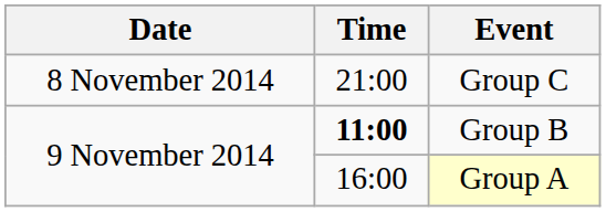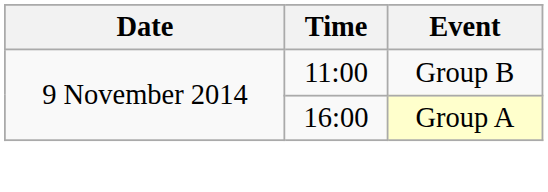 <table class = "wikitable" style="text-align:center;">
 <tr>
 <th width=150>Date</th>
 <th width=50>Time</th>
 <th width=80>Event</th>
 </tr>
 <tr>
-<td>8 November 2014</td>
-<td>21:00</td>
-<td>Group C</td>
-</tr>
-<tr>
 <td rowspan=2>9 November 2014</td>
-<td><strong>11:00</strong></td>
+<td>11:00</td>
 <td>Group B</td>
 </tr>
 <tr>
 <td>16:00</td>
 <td bgcolor=ffffcc>Group A</td>
 </tr>
 </table>
